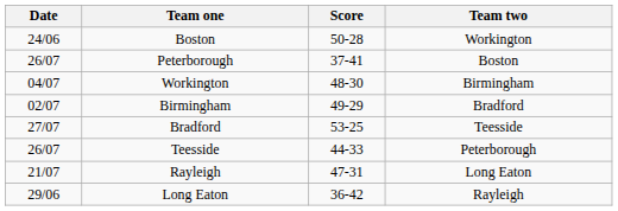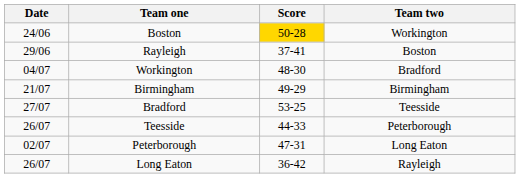 <table class="wikitable" style="text-align: center">
 <tr>
 <th width=80>Date</th>
 <th width=250>Team one</th>
 <th width=80>Score</th>
 <th width=250>Team two</th>
 </tr>
 <tr>
 <td>24/06</td>
 <td>Boston</td>
-<td>50-28</td>
+<td style="background: gold;">50-28</td>
 <td>Workington</td>
 </tr>
 <tr>
-<td>26/07</td>
-<td>Peterborough</td>
+<td>29/06</td>
+<td>Rayleigh</td>
 <td>37-41</td>
 <td>Boston</td>
 </tr>
 <tr>
 <td>04/07</td>
 <td>Workington</td>
 <td>48-30</td>
-<td>Birmingham</td>
+<td>Bradford</td>
 </tr>
 <tr>
-<td>02/07</td>
+<td>21/07</td>
 <td>Birmingham</td>
 <td>49-29</td>
-<td>Bradford</td>
+<td>Birmingham</td>
 </tr>
 <tr>
 <td>27/07</td>
 <td>Bradford</td>
 <td>53-25</td>
 <td>Teesside</td>
 </tr>
 <tr>
 <td>26/07</td>
 <td>Teesside</td>
 <td>44-33</td>
 <td>Peterborough</td>
 </tr>
 <tr>
-<td>21/07</td>
-<td>Rayleigh</td>
+<td>02/07</td>
+<td>Peterborough</td>
 <td>47-31</td>
 <td>Long Eaton</td>
 </tr>
 <tr>
-<td>29/06</td>
+<td>26/07</td>
 <td>Long Eaton</td>
 <td>36-42</td>
 <td>Rayleigh</td>
 </tr>
 </table>
